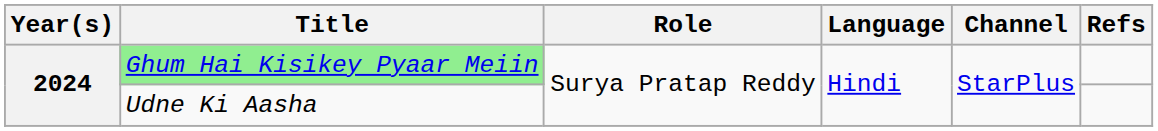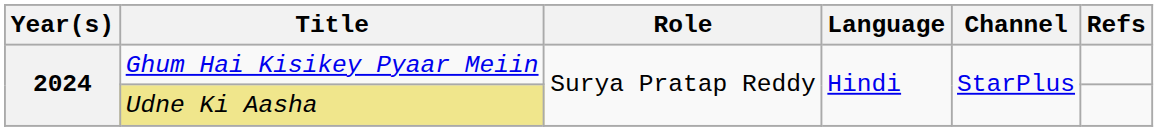 <table class="wikitable plainrowheaders sortable">
 <tr>
 <th scope="col">Year(s)</th>
 <th scope="col">Title</th>
 <th scope="col">Role</th>
 <th scope="col">Language</th>
 <th scope="col" class="unsortable">Channel</th>
 <th scope="col" class="unsortable">Refs</th>
 </tr>
 <tr>
 <th scope="row" rowspan="2">2024</th>
-<td style="background: lightgreen;"><em><a href='#'>Ghum Hai Kisikey Pyaar Meiin</a></em></td>
+<td><em><a href='#'>Ghum Hai Kisikey Pyaar Meiin</a></em></td>
 <td rowspan="2">Surya Pratap Reddy</td>
 <td rowspan="2"><a href='#'>Hindi</a></td>
 <td rowspan="2"><a href='#'>StarPlus</a></td>
 <td></td>
 </tr>
 <tr>
-<td><em>Udne Ki Aasha</em></td>
+<td style="background: khaki;"><em>Udne Ki Aasha</em></td>
 <td></td>
 </tr>
 </table>
